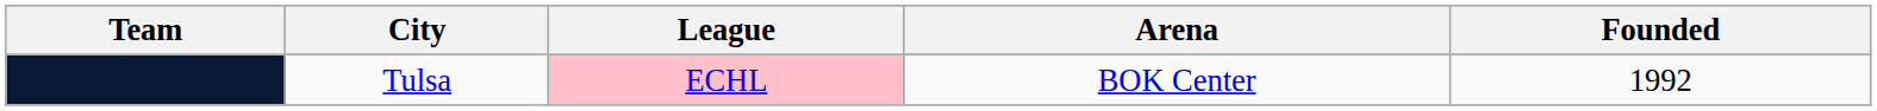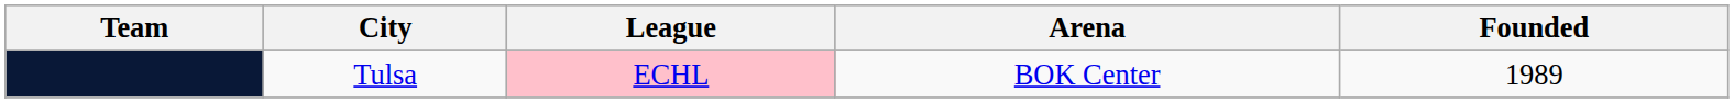 <table class="wikitable sortable" width="60%">
 <tr>
 <th>Team</th>
 <th>City</th>
 <th>League</th>
 <th>Arena</th>
 <th>Founded</th>
 </tr>
 <tr align=center>
 <td style="color:white; background:#091837; "><strong><a href='#'></a></strong></td>
 <td><a href='#'>Tulsa</a></td>
 <td style="background: pink;"><a href='#'>ECHL</a></td>
 <td><a href='#'>BOK Center</a></td>
-<td>1992</td>
+<td>1989</td>
 </tr>
 </table>
